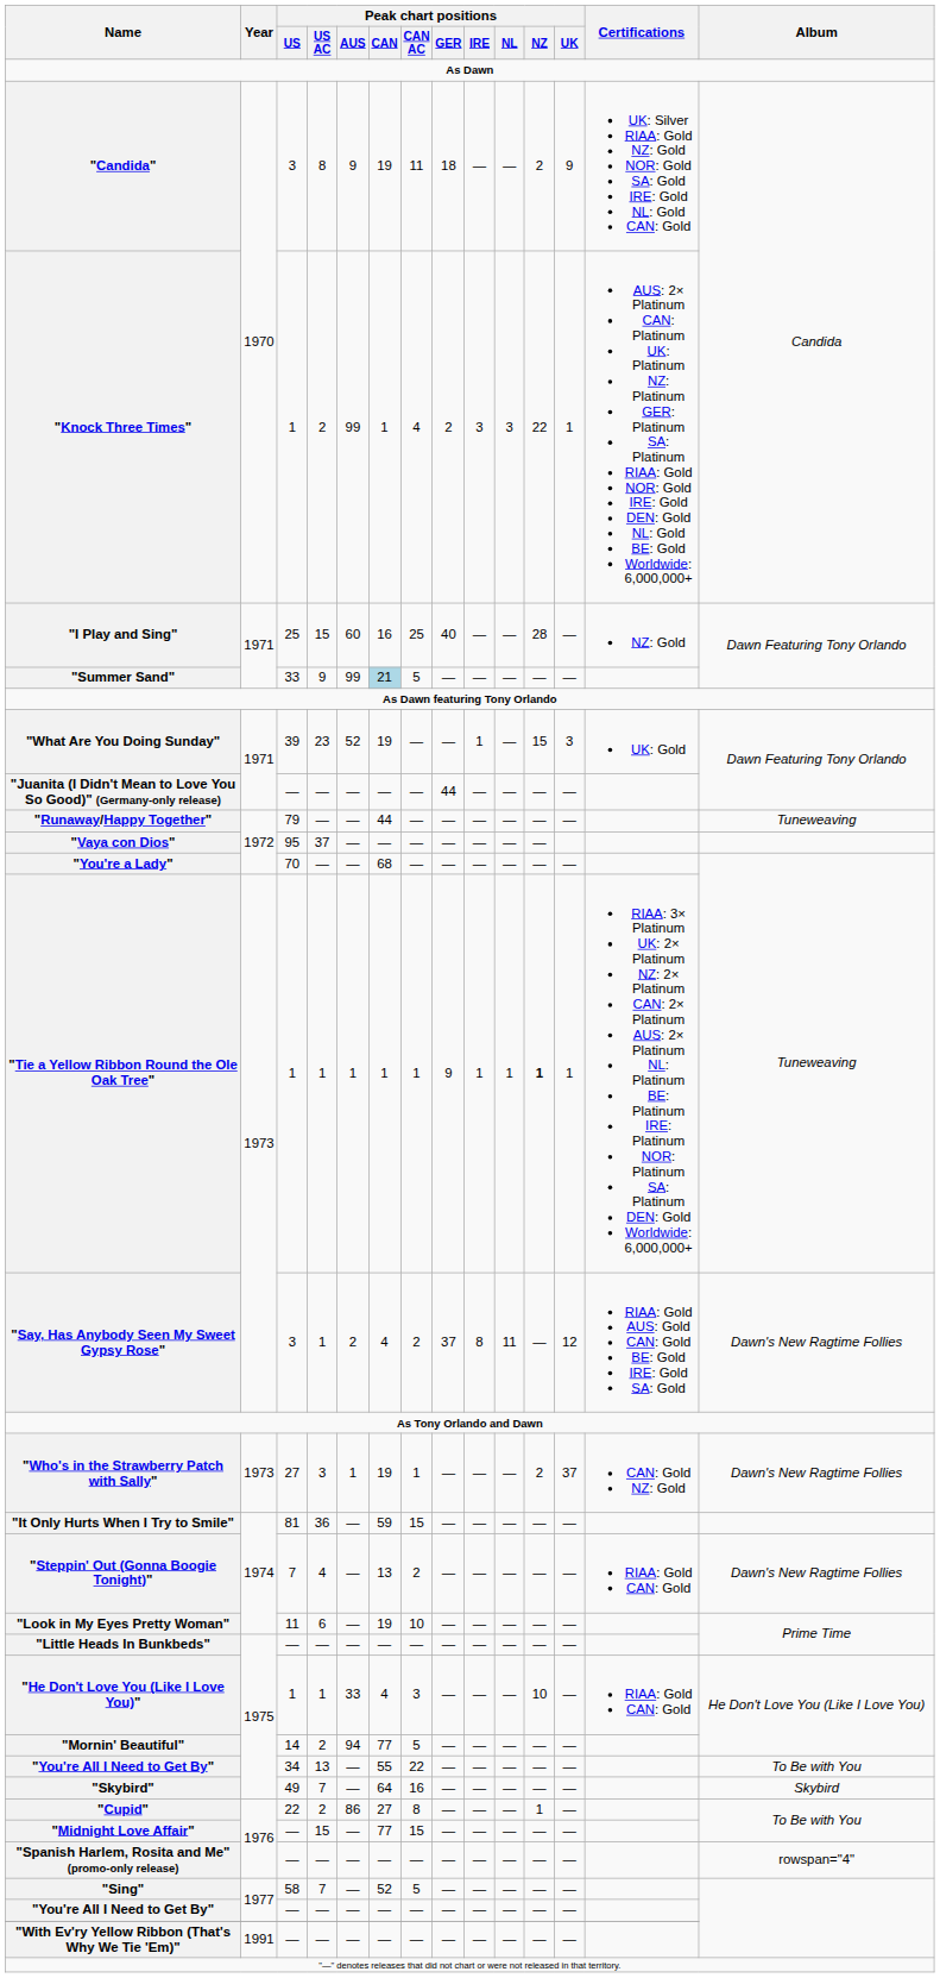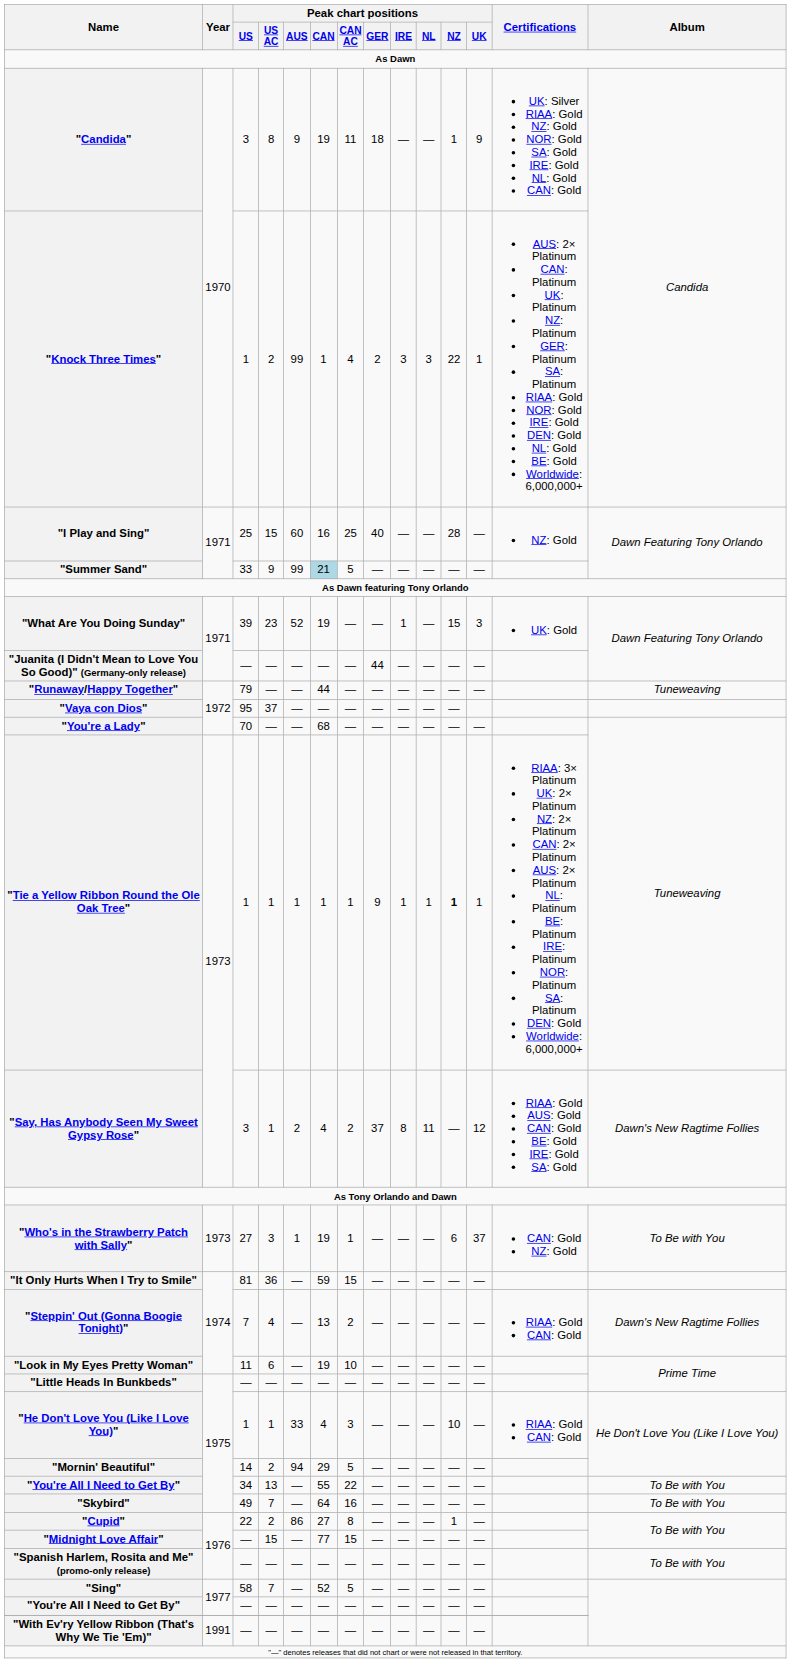 <table class="wikitable plainrowheaders" style="text-align:center;" border="1">
 <tr>
 <th rowspan="2" style="width:17em;">Name</th>
 <th rowspan="2" style="width:2em;">Year</th>
 <th colspan="10">Peak chart positions</th>
 <th scope="col" rowspan="2" style="width:8em;"><a href='#'>Certifications</a></th>
 <th rowspan="2" style="width:17em;">Album</th>
 </tr>
 <tr>
 <th scope="col" style="width:2em;font-size:90%;"><a href='#'>US</a><br></th>
 <th scope="col" style="width:2em;font-size:90%;"><a href='#'>US AC</a><br></th>
 <th scope="col" style="width:2em;font-size:90%;"><a href='#'>AUS</a><br></th>
 <th scope="col" style="width:2em;font-size:90%;"><a href='#'>CAN</a><br></th>
 <th scope="col" style="width:2em;font-size:90%;"><a href='#'>CAN AC</a><br></th>
 <th scope="col" style="width:2em;font-size:90%;"><a href='#'>GER</a><br></th>
 <th scope="col" style="width:2em;font-size:90%;"><a href='#'>IRE</a><br></th>
 <th scope="col" style="width:2em;font-size:90%;"><a href='#'>NL</a><br></th>
 <th scope="col" style="width:2em;font-size:90%;"><a href='#'>NZ</a><br></th>
 <th scope="col" style="width:2em;font-size:90%;"><a href='#'>UK</a><br></th>
 </tr>
 <tr>
 <td colspan="14" align="center"><small><strong>As Dawn</strong></small></td>
 </tr>
 <tr>
 <th scope="row">"<a href='#'>Candida</a>"</th>
 <td rowspan="2">1970</td>
 <td>3</td>
 <td>8</td>
 <td>9</td>
 <td>19</td>
 <td>11</td>
 <td>18</td>
 <td>—</td>
 <td>—</td>
-<td>2</td>
+<td>1</td>
 <td>9</td>
 <td><br><ul><li><a href='#'>UK</a>: Silver</li><li><a href='#'>RIAA</a>: Gold</li><li><a href='#'>NZ</a>: Gold</li><li><a href='#'>NOR</a>: Gold</li><li><a href='#'>SA</a>: Gold</li><li><a href='#'>IRE</a>: Gold</li><li><a href='#'>NL</a>: Gold</li><li><a href='#'>CAN</a>: Gold</li></ul></td>
 <td rowspan=2><em>Candida</em></td>
 </tr>
 <tr>
 <th scope="row">"<a href='#'>Knock Three Times</a>"</th>
 <td>1</td>
 <td>2</td>
 <td>99</td>
 <td>1</td>
 <td>4</td>
 <td>2</td>
 <td>3</td>
 <td>3</td>
 <td>22</td>
 <td>1</td>
 <td><br><ul><li><a href='#'>AUS</a>: 2× Platinum</li><li><a href='#'>CAN</a>: Platinum</li><li><a href='#'>UK</a>: Platinum</li><li><a href='#'>NZ</a>: Platinum</li><li><a href='#'>GER</a>: Platinum</li><li><a href='#'>SA</a>: Platinum</li><li><a href='#'>RIAA</a>: Gold</li><li><a href='#'>NOR</a>: Gold</li><li><a href='#'>IRE</a>: Gold</li><li><a href='#'>DEN</a>: Gold</li><li><a href='#'>NL</a>: Gold</li><li><a href='#'>BE</a>: Gold</li><li><a href='#'>Worldwide</a>: 6,000,000+</li></ul></td>
 </tr>
 <tr>
 <th scope="row">"I Play and Sing"</th>
 <td rowspan="2">1971</td>
 <td>25</td>
 <td>15</td>
 <td>60</td>
 <td>16</td>
 <td>25</td>
 <td>40</td>
 <td>—</td>
 <td>—</td>
 <td>28</td>
 <td>—</td>
 <td><br><ul><li><a href='#'>NZ</a>: Gold</li></ul></td>
 <td rowspan="2"><em>Dawn Featuring Tony Orlando</em></td>
 </tr>
 <tr>
 <th scope="row">"Summer Sand"</th>
 <td>33</td>
 <td>9</td>
 <td>99</td>
 <td style="background: lightblue;">21</td>
 <td>5</td>
 <td>—</td>
 <td>—</td>
 <td>—</td>
 <td>—</td>
 <td>—</td>
 <td></td>
 </tr>
 <tr>
 <td colspan="14" align="center"><small><strong>As Dawn featuring Tony Orlando</strong></small></td>
 </tr>
 <tr>
 <th scope="row">"What Are You Doing Sunday"</th>
 <td rowspan="2">1971</td>
 <td>39</td>
 <td>23</td>
 <td>52</td>
 <td>19</td>
 <td>—</td>
 <td>—</td>
 <td>1</td>
 <td>—</td>
 <td>15</td>
 <td>3</td>
 <td><br><ul><li><a href='#'>UK</a>: Gold</li></ul></td>
 <td rowspan="2"><em>Dawn Featuring Tony Orlando</em></td>
 </tr>
 <tr>
 <th scope="row">"Juanita (I Didn't Mean to Love You So Good)" <small>(Germany-only release)</small></th>
 <td align="center" valign="center">—</td>
 <td>—</td>
 <td>—</td>
 <td>—</td>
 <td>—</td>
 <td>44</td>
 <td>—</td>
 <td>—</td>
 <td>—</td>
 <td>—</td>
 <td></td>
 </tr>
 <tr>
 <th scope="row">"<a href='#'>Runaway</a>/<a href='#'>Happy Together</a>"</th>
 <td rowspan="3">1972</td>
 <td>79</td>
 <td>—</td>
 <td>—</td>
 <td>44</td>
 <td>—</td>
 <td>—</td>
 <td>—</td>
 <td>—</td>
 <td>—</td>
 <td>—</td>
 <td></td>
 <td><em>Tuneweaving</em></td>
 </tr>
 <tr>
 <th scope="row">"<a href='#'>Vaya con Dios</a>"</th>
 <td>95</td>
 <td>37</td>
 <td>—</td>
 <td>—</td>
 <td>—</td>
 <td>—</td>
 <td>—</td>
 <td>—</td>
 <td>—</td>
 <td></td>
 <td></td>
 <td></td>
 </tr>
 <tr>
 <th scope="row">"<a href='#'>You're a Lady</a>"</th>
 <td>70</td>
 <td>—</td>
 <td>—</td>
 <td>68</td>
 <td>—</td>
 <td>—</td>
 <td>—</td>
 <td>—</td>
 <td>—</td>
 <td>—</td>
 <td></td>
 <td rowspan="2"><em>Tuneweaving</em></td>
 </tr>
 <tr>
 <th scope="row">"<a href='#'>Tie a Yellow Ribbon Round the Ole Oak Tree</a>"</th>
 <td rowspan="2">1973</td>
 <td>1</td>
 <td>1</td>
 <td>1</td>
 <td>1</td>
 <td>1</td>
 <td>9</td>
 <td>1</td>
 <td>1</td>
 <td><strong>1</strong></td>
 <td>1</td>
 <td><br><ul><li><a href='#'>RIAA</a>: 3× Platinum</li><li><a href='#'>UK</a>: 2× Platinum</li><li><a href='#'>NZ</a>: 2× Platinum</li><li><a href='#'>CAN</a>: 2× Platinum</li><li><a href='#'>AUS</a>: 2× Platinum</li><li><a href='#'>NL</a>: Platinum</li><li><a href='#'>BE</a>: Platinum</li><li><a href='#'>IRE</a>: Platinum</li><li><a href='#'>NOR</a>: Platinum</li><li><a href='#'>SA</a>: Platinum</li><li><a href='#'>DEN</a>: Gold</li><li><a href='#'>Worldwide</a>: 6,000,000+</li></ul></td>
 </tr>
 <tr>
 <th scope="row">"<a href='#'>Say, Has Anybody Seen My Sweet Gypsy Rose</a>"</th>
 <td>3</td>
 <td>1</td>
 <td>2</td>
 <td>4</td>
 <td>2</td>
 <td>37</td>
 <td>8</td>
 <td>11</td>
 <td>—</td>
 <td>12</td>
 <td><br><ul><li><a href='#'>RIAA</a>: Gold</li><li><a href='#'>AUS</a>: Gold</li><li><a href='#'>CAN</a>: Gold</li><li><a href='#'>BE</a>: Gold</li><li><a href='#'>IRE</a>: Gold</li><li><a href='#'>SA</a>: Gold</li></ul></td>
 <td><em>Dawn's New Ragtime Follies</em></td>
 </tr>
 <tr>
 <td colspan="14" align="center"><small><strong>As Tony Orlando and Dawn</strong></small></td>
 </tr>
 <tr>
 <th scope="row">"<a href='#'>Who's in the Strawberry Patch with Sally</a>"</th>
 <td rowspan="1">1973</td>
 <td>27</td>
 <td>3</td>
 <td>1</td>
 <td>19</td>
 <td>1</td>
 <td>—</td>
 <td>—</td>
 <td>—</td>
-<td>2</td>
+<td>6</td>
 <td>37</td>
 <td><br><ul><li><a href='#'>CAN</a>: Gold</li><li><a href='#'>NZ</a>: Gold</li></ul></td>
-<td><em>Dawn's New Ragtime Follies</em></td>
+<td><em>To Be with You</em></td>
 </tr>
 <tr>
 <th scope="row">"It Only Hurts When I Try to Smile"</th>
 <td rowspan="3">1974</td>
 <td>81</td>
 <td>36</td>
 <td>—</td>
 <td>59</td>
 <td>15</td>
 <td>—</td>
 <td>—</td>
 <td>—</td>
 <td>—</td>
 <td>—</td>
 <td></td>
 <td></td>
 </tr>
 <tr>
 <th scope="row">"<a href='#'>Steppin' Out (Gonna Boogie Tonight)</a>"</th>
 <td>7</td>
 <td>4</td>
 <td>—</td>
 <td>13</td>
 <td>2</td>
 <td>—</td>
 <td>—</td>
 <td>—</td>
 <td>—</td>
 <td>—</td>
 <td><br><ul><li><a href='#'>RIAA</a>: Gold</li><li><a href='#'>CAN</a>: Gold</li></ul></td>
 <td><em>Dawn's New Ragtime Follies</em></td>
 </tr>
 <tr>
 <th scope="row">"Look in My Eyes Pretty Woman"</th>
 <td>11</td>
 <td>6</td>
 <td>—</td>
 <td>19</td>
 <td>10</td>
 <td>—</td>
 <td>—</td>
 <td>—</td>
 <td>—</td>
 <td>—</td>
 <td></td>
 <td rowspan="2"><em>Prime Time</em></td>
 </tr>
 <tr>
 <th scope="row">"Little Heads In Bunkbeds"</th>
 <td rowspan="5">1975</td>
 <td>—</td>
 <td>—</td>
 <td>—</td>
 <td>—</td>
 <td>—</td>
 <td>—</td>
 <td>—</td>
 <td>—</td>
 <td>—</td>
 <td>—</td>
 <td></td>
 </tr>
 <tr>
 <th scope="row">"<a href='#'>He Don't Love You (Like I Love You)</a>"</th>
 <td>1</td>
 <td>1</td>
 <td>33</td>
 <td>4</td>
 <td>3</td>
 <td>—</td>
 <td>—</td>
 <td>—</td>
 <td>10</td>
 <td>—</td>
 <td><br><ul><li><a href='#'>RIAA</a>: Gold</li><li><a href='#'>CAN</a>: Gold</li></ul></td>
 <td rowspan="2"><em>He Don't Love You (Like I Love You)</em></td>
 </tr>
 <tr>
 <th scope="row">"Mornin' Beautiful"</th>
 <td>14</td>
 <td>2</td>
 <td>94</td>
-<td>77</td>
+<td>29</td>
 <td>5</td>
 <td>—</td>
 <td>—</td>
 <td>—</td>
 <td>—</td>
 <td>—</td>
 <td></td>
 </tr>
 <tr>
 <th scope="row">"<a href='#'>You're All I Need to Get By</a>"</th>
 <td>34</td>
 <td>13</td>
 <td>—</td>
 <td>55</td>
 <td>22</td>
 <td>—</td>
 <td>—</td>
 <td>—</td>
 <td>—</td>
 <td>—</td>
 <td></td>
 <td><em>To Be with You</em></td>
 </tr>
 <tr>
 <th scope="row">"Skybird"</th>
 <td>49</td>
 <td>7</td>
 <td>—</td>
 <td>64</td>
 <td>16</td>
 <td>—</td>
 <td>—</td>
 <td>—</td>
 <td>—</td>
 <td>—</td>
 <td></td>
-<td><em>Skybird</em></td>
+<td><em>To Be with You</em></td>
 </tr>
 <tr>
 <th scope="row">"<a href='#'>Cupid</a>"</th>
 <td rowspan="3">1976</td>
 <td>22</td>
 <td>2</td>
 <td>86</td>
 <td>27</td>
 <td>8</td>
 <td>—</td>
 <td>—</td>
 <td>—</td>
 <td>1</td>
 <td>—</td>
 <td></td>
 <td rowspan="2"><em>To Be with You</em></td>
 </tr>
 <tr>
 <th scope="row">"<a href='#'>Midnight Love Affair</a>"</th>
 <td>—</td>
 <td>15</td>
 <td>—</td>
 <td>77</td>
 <td>15</td>
 <td>—</td>
 <td>—</td>
 <td>—</td>
 <td>—</td>
 <td>—</td>
 <td></td>
 </tr>
 <tr>
 <th scope="row">"Spanish Harlem, Rosita and Me" <small>(promo-only release)</small></th>
 <td>—</td>
 <td>—</td>
 <td>—</td>
 <td>—</td>
 <td>—</td>
 <td>—</td>
 <td>—</td>
 <td>—</td>
 <td>—</td>
 <td>—</td>
 <td></td>
-<td>rowspan="4" </td>
+<td><em>To Be with You</em></td>
 </tr>
 <tr>
 <th scope="row">"Sing"</th>
 <td rowspan="2">1977</td>
 <td>58</td>
 <td>7</td>
 <td>—</td>
 <td>52</td>
 <td>5</td>
 <td>—</td>
 <td>—</td>
 <td>—</td>
 <td>—</td>
 <td>—</td>
 <td></td>
 </tr>
 <tr>
 <th scope="row">"You're All I Need to Get By"</th>
 <td align="center" valign="center">—</td>
 <td>—</td>
 <td>—</td>
 <td>—</td>
 <td>—</td>
 <td>—</td>
 <td>—</td>
 <td>—</td>
 <td>—</td>
 <td>—</td>
 <td></td>
 </tr>
 <tr>
 </tr>
 <tr>
 <th scope="row">"With Ev'ry Yellow Ribbon (That's Why We Tie 'Em)"</th>
 <td>1991</td>
 <td>—</td>
 <td>—</td>
 <td>—</td>
 <td>—</td>
 <td>—</td>
 <td>—</td>
 <td>—</td>
 <td>—</td>
 <td>—</td>
 <td>—</td>
 <td></td>
 </tr>
 <tr>
 <td colspan="14" style="font-size:8pt">"—" denotes releases that did not chart or were not released in that territory.</td>
 </tr>
 </table>
